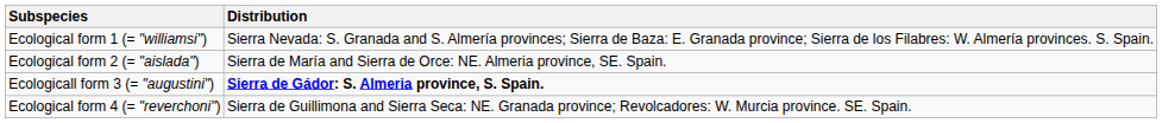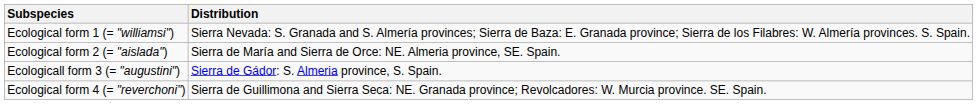 <table class="wikitable">
 <tr>
 <th style="text-align:left">Subspecies</th>
 <th style="text-align:left">Distribution</th>
 </tr>
 <tr>
 <td>Ecological form 1 (= <em>"williamsi"</em>)</td>
 <td>Sierra Nevada: S. Granada and S. Almería provinces; Sierra de Baza: E. Granada province; Sierra de los Filabres: W. Almería provinces. S. Spain.</td>
 </tr>
 <tr>
 <td>Ecological form 2 (= <em>"aislada"</em>)</td>
 <td>Sierra de María and Sierra de Orce: NE. Almeria province, SE. Spain.</td>
 </tr>
 <tr>
 <td>Ecologicall form 3 (= <em>"augustini"</em>)</td>
-<td><strong><a href='#'>Sierra de Gádor</a>: S. <a href='#'>Almeria</a> province, S. Spain.</strong></td>
+<td><a href='#'>Sierra de Gádor</a>: S. <a href='#'>Almeria</a> province, S. Spain.</td>
 </tr>
 <tr>
 <td>Ecological form 4 (= <em>"reverchoni"</em>)</td>
 <td>Sierra de Guillimona and Sierra Seca: NE. Granada province; Revolcadores: W. Murcia province. SE. Spain.</td>
 </tr>
 </table>
